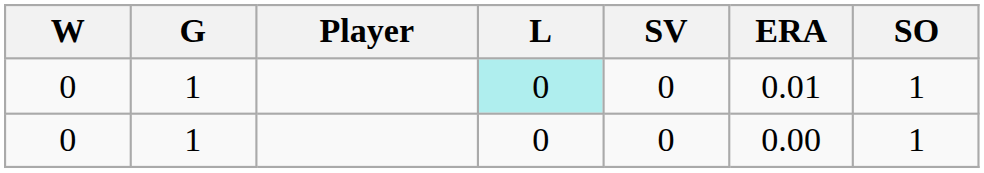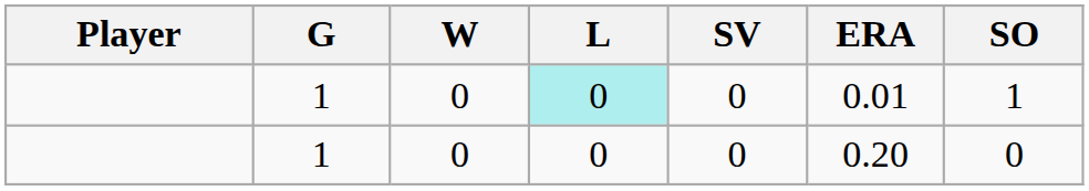 <table class="wikitable sortable">
 <tr>
+<th bgcolor="#DDDDFF" width="16%">Player</th>
+<th bgcolor="#DDDDFF" width="9%">G</th>
 <th bgcolor="#DDDDFF" width="9%">W</th>
-<th bgcolor="#DDDDFF" width="9%">G</th>
-<th bgcolor="#DDDDFF" width="16%">Player</th>
 <th bgcolor="#DDDDFF" width="9%">L</th>
 <th bgcolor="#DDDDFF" width="9%">SV</th>
 <th bgcolor="#DDDDFF" width="9%">ERA</th>
 <th bgcolor="#DDDDFF" width="9%">SO</th>
 </tr>
 <tr align="center">
+<td></td>
+<td>1</td>
 <td>0</td>
-<td>1</td>
-<td></td>
 <td style="background: paleturquoise;">0</td>
 <td>0</td>
 <td>0.01</td>
 <td>1</td>
 </tr>
 <tr align="center">
-<td>0</td>
+<td></td>
 <td>1</td>
-<td></td>
 <td>0</td>
 <td>0</td>
-<td>0.00</td>
-<td>1</td>
+<td>0</td>
+<td>0.20</td>
+<td>0</td>
 </tr>
 </table>
